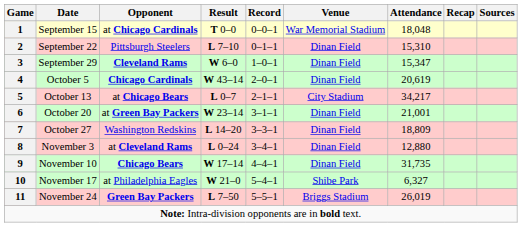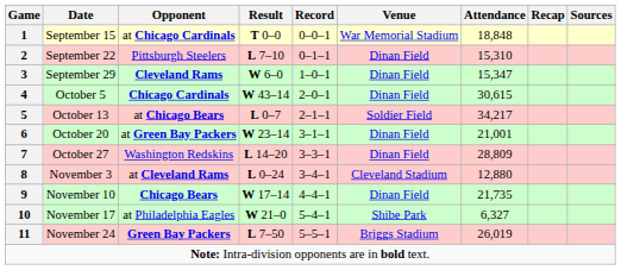 <table class="wikitable" style="text-align:center">
 <tr>
 <th>Game</th>
 <th>Date</th>
 <th>Opponent</th>
 <th>Result</th>
 <th>Record</th>
 <th>Venue</th>
 <th>Attendance</th>
 <th>Recap</th>
 <th>Sources</th>
 </tr>
 <tr style="background:#ffc">
 <th>1</th>
 <td>September 15</td>
 <td>at <strong><a href='#'>Chicago Cardinals</a></strong></td>
 <td><strong>T</strong> 0–0</td>
 <td>0–0–1</td>
 <td><a href='#'>War Memorial Stadium</a></td>
-<td>18,048</td>
+<td>18,848</td>
 <td></td>
 <td></td>
 </tr>
 <tr style="background:#fcc">
 <th>2</th>
 <td>September 22</td>
 <td><a href='#'>Pittsburgh Steelers</a></td>
 <td><strong>L</strong> 7–10</td>
 <td>0–1–1</td>
 <td><a href='#'>Dinan Field</a></td>
 <td>15,310</td>
 <td></td>
 <td></td>
 </tr>
 <tr style="background:#cfc">
 <th>3</th>
 <td>September 29</td>
 <td><strong><a href='#'>Cleveland Rams</a></strong></td>
 <td><strong>W</strong> 6–0</td>
 <td>1–0–1</td>
 <td><a href='#'>Dinan Field</a></td>
 <td>15,347</td>
 <td></td>
 <td></td>
 </tr>
 <tr style="background:#cfc">
 <th>4</th>
 <td>October 5</td>
 <td><strong><a href='#'>Chicago Cardinals</a></strong></td>
 <td><strong>W</strong> 43–14</td>
 <td>2–0–1</td>
 <td><a href='#'>Dinan Field</a></td>
-<td>20,619</td>
+<td>30,615</td>
 <td></td>
 <td></td>
 </tr>
 <tr style="background:#fcc">
 <th>5</th>
 <td>October 13</td>
 <td>at <strong><a href='#'>Chicago Bears</a></strong></td>
 <td><strong>L</strong> 0–7</td>
 <td>2–1–1</td>
-<td><a href='#'>City Stadium</a></td>
+<td><a href='#'>Soldier Field</a></td>
 <td>34,217</td>
 <td></td>
 <td></td>
 </tr>
 <tr style="background:#cfc">
 <th>6</th>
 <td>October 20</td>
 <td>at <strong><a href='#'>Green Bay Packers</a></strong></td>
 <td><strong>W</strong> 23–14</td>
 <td>3–1–1</td>
 <td><a href='#'>Dinan Field</a></td>
 <td>21,001</td>
 <td></td>
 <td></td>
 </tr>
 <tr style="background:#fcc">
 <th>7</th>
 <td>October 27</td>
 <td><a href='#'>Washington Redskins</a></td>
 <td><strong>L</strong> 14–20</td>
 <td>3–3–1</td>
 <td><a href='#'>Dinan Field</a></td>
-<td>18,809</td>
+<td>28,809</td>
 <td></td>
 <td></td>
 </tr>
 <tr style="background:#fcc">
 <th>8</th>
 <td>November 3</td>
 <td>at <strong><a href='#'>Cleveland Rams</a></strong></td>
 <td><strong>L</strong> 0–24</td>
 <td>3–4–1</td>
-<td><a href='#'>Dinan Field</a></td>
+<td><a href='#'>Cleveland Stadium</a></td>
 <td>12,880</td>
 <td></td>
 <td></td>
 </tr>
 <tr style="background:#cfc">
 <th>9</th>
 <td>November 10</td>
 <td><strong><a href='#'>Chicago Bears</a></strong></td>
 <td><strong>W</strong> 17–14</td>
 <td>4–4–1</td>
 <td><a href='#'>Dinan Field</a></td>
-<td>31,735</td>
+<td>21,735</td>
 <td></td>
 <td></td>
 </tr>
 <tr style="background:#cfc">
 <th>10</th>
 <td>November 17</td>
 <td>at <a href='#'>Philadelphia Eagles</a></td>
 <td><strong>W</strong> 21–0</td>
 <td>5–4–1</td>
 <td><a href='#'>Shibe Park</a></td>
 <td>6,327</td>
 <td></td>
 <td></td>
 </tr>
 <tr style="background:#fcc">
 <th>11</th>
 <td>November 24</td>
 <td><strong><a href='#'>Green Bay Packers</a></strong></td>
 <td><strong>L</strong> 7–50</td>
 <td>5–5–1</td>
 <td><a href='#'>Briggs Stadium</a></td>
 <td>26,019</td>
 <td></td>
 <td></td>
 </tr>
 <tr>
 <td colspan="10"><strong>Note:</strong> Intra-division opponents are in <strong>bold</strong> text.</td>
 </tr>
 </table>
